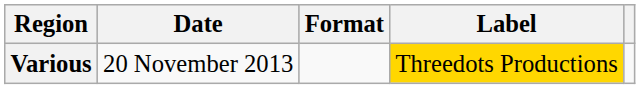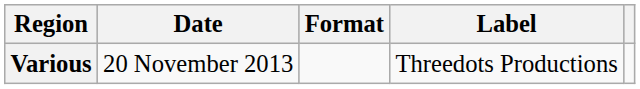 <table class="wikitable plainrowheaders">
 <tr>
 <th>Region</th>
 <th>Date</th>
 <th>Format</th>
 <th>Label</th>
 <th></th>
 </tr>
 <tr>
 <th scope="row" rowspan="2">Various</th>
 <td>20 November 2013</td>
 <td></td>
-<td style="background: gold;">Threedots Productions</td>
+<td>Threedots Productions</td>
 <td></td>
 </tr>
 </table>
